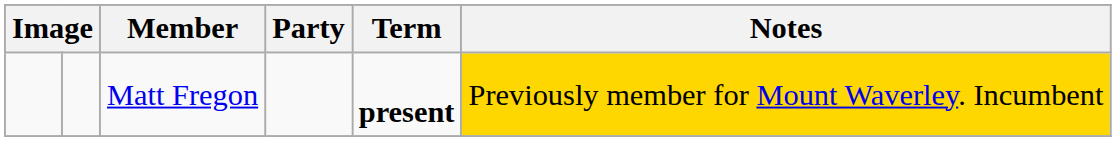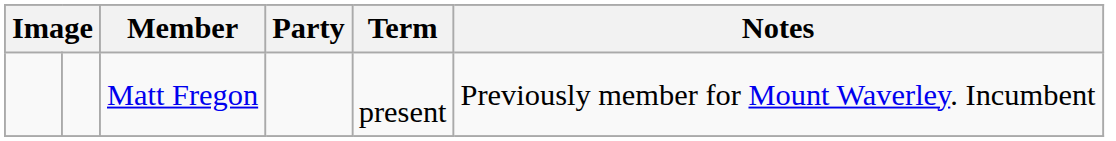 <table class="wikitable" style="text-align:center">
 <tr>
 <th colspan=2>Image</th>
 <th>Member</th>
 <th>Party</th>
 <th>Term</th>
 <th>Notes</th>
 </tr>
 <tr>
 <td> </td>
 <td></td>
 <td><a href='#'>Matt Fregon</a></td>
 <td></td>
-<td><strong><br> present</strong></td>
-<td style="background: gold;">Previously member for <a href='#'>Mount Waverley</a>. Incumbent</td>
+<td><br> present</td>
+<td>Previously member for <a href='#'>Mount Waverley</a>. Incumbent</td>
 </tr>
 </table>
